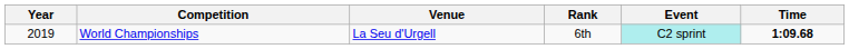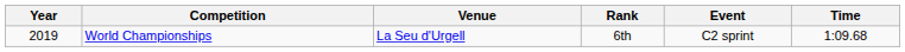 <table class="wikitable" width=50% style="font-size:90%; text-align:center;">
 <tr>
 <th>Year</th>
 <th>Competition</th>
 <th>Venue</th>
 <th>Rank</th>
 <th>Event</th>
 <th>Time</th>
 </tr>
 <tr>
 <td rowspan=2>2019</td>
 <td rowspan=2 align=left><a href='#'>World Championships</a></td>
 <td rowspan=2 align=left> <a href='#'>La Seu d'Urgell</a></td>
 <td>6th</td>
-<td style="background: paleturquoise;">C2 sprint</td>
-<td><strong>1:09.68</strong></td>
+<td>C2 sprint</td>
+<td>1:09.68</td>
 </tr>
 </table>
